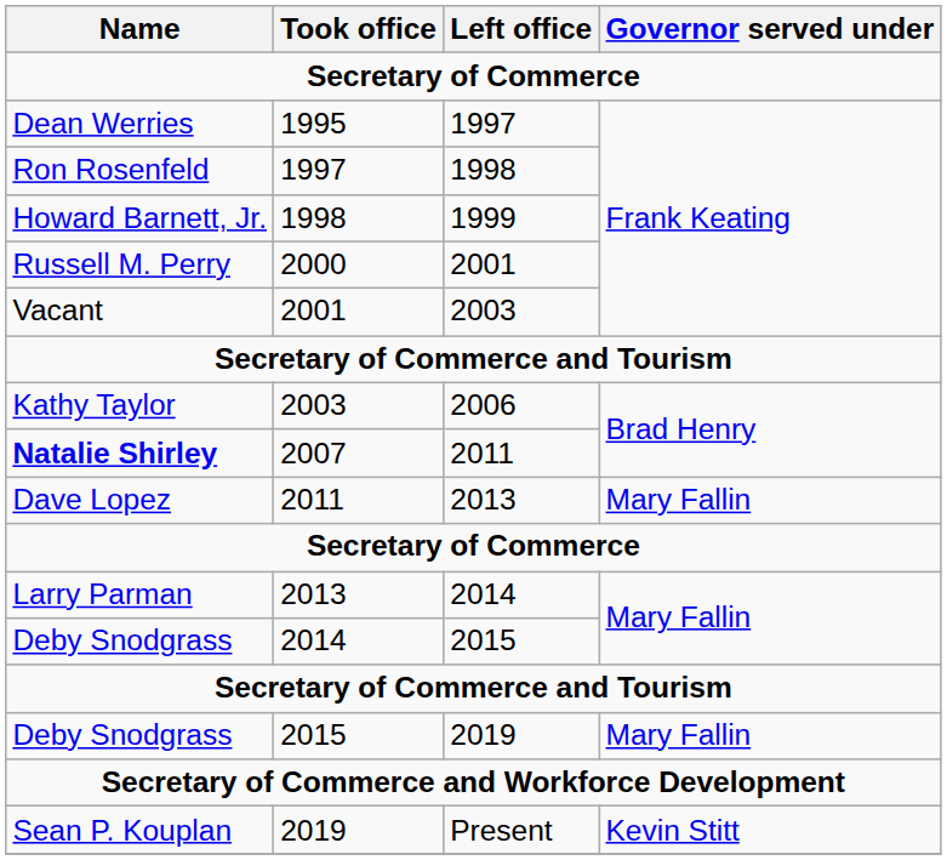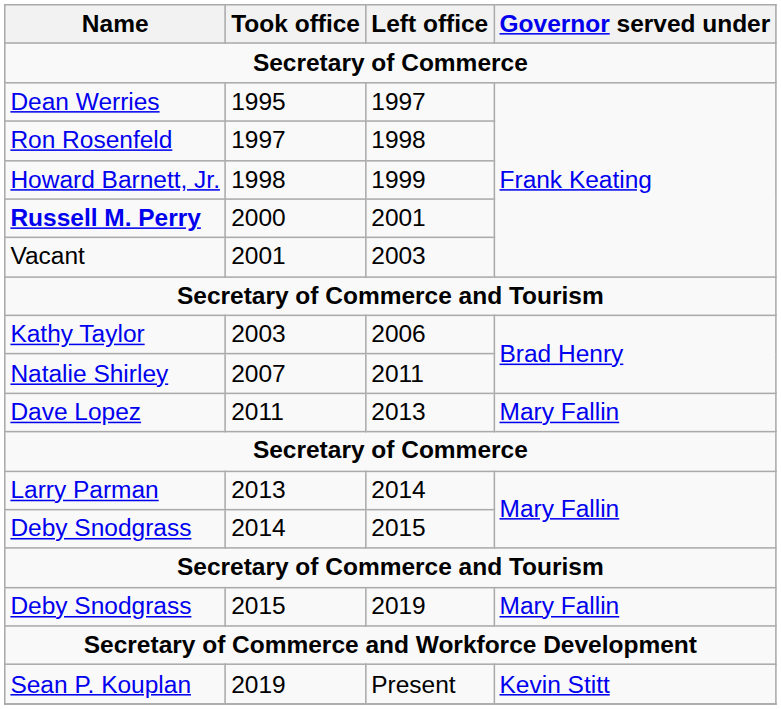 <table class="wikitable">
 <tr>
 <th>Name</th>
 <th>Took office</th>
 <th>Left office</th>
 <th><a href='#'>Governor</a> served under</th>
 </tr>
 <tr>
 <td colspan="4" align="center"><strong>Secretary of Commerce</strong></td>
 </tr>
 <tr>
 <td><a href='#'>Dean Werries</a></td>
 <td>1995</td>
 <td>1997</td>
 <td rowspan=5 ><a href='#'>Frank Keating</a></td>
 </tr>
 <tr>
 <td><a href='#'>Ron Rosenfeld</a></td>
 <td>1997</td>
 <td>1998</td>
 </tr>
 <tr>
 <td><a href='#'>Howard Barnett, Jr.</a></td>
 <td>1998</td>
 <td>1999</td>
 </tr>
 <tr>
-<td><a href='#'>Russell M. Perry</a></td>
+<td><strong><a href='#'>Russell M. Perry</a></strong></td>
 <td>2000</td>
 <td>2001</td>
 </tr>
 <tr>
 <td>Vacant</td>
 <td>2001</td>
 <td>2003</td>
 </tr>
 <tr>
 <td colspan="4" align="center"><strong>Secretary of Commerce and Tourism</strong></td>
 </tr>
 <tr>
 <td><a href='#'>Kathy Taylor</a></td>
 <td>2003</td>
 <td>2006</td>
 <td rowspan=2 ><a href='#'>Brad Henry</a></td>
 </tr>
 <tr>
-<td><strong><a href='#'>Natalie Shirley</a></strong></td>
+<td><a href='#'>Natalie Shirley</a></td>
 <td>2007</td>
 <td>2011</td>
 </tr>
 <tr>
 <td><a href='#'>Dave Lopez</a></td>
 <td>2011</td>
 <td>2013</td>
 <td><a href='#'>Mary Fallin</a></td>
 </tr>
 <tr>
 <td colspan="4" align="center"><strong>Secretary of Commerce</strong></td>
 </tr>
 <tr>
 <td><a href='#'>Larry Parman</a></td>
 <td>2013</td>
 <td>2014</td>
 <td rowspan=2 ><a href='#'>Mary Fallin</a></td>
 </tr>
 <tr>
 <td><a href='#'>Deby Snodgrass</a></td>
 <td>2014</td>
 <td>2015</td>
 </tr>
 <tr>
 <td colspan="4" align="center"><strong>Secretary of Commerce and Tourism</strong></td>
 </tr>
 <tr>
 <td><a href='#'>Deby Snodgrass</a></td>
 <td>2015</td>
 <td>2019</td>
 <td><a href='#'>Mary Fallin</a></td>
 </tr>
 <tr>
 <td colspan="4" align="center"><strong>Secretary of Commerce and Workforce Development</strong></td>
 </tr>
 <tr>
 <td><a href='#'>Sean P. Kouplan</a></td>
 <td>2019</td>
 <td>Present</td>
 <td><a href='#'>Kevin Stitt</a></td>
 </tr>
 <tr>
 </tr>
 </table>
